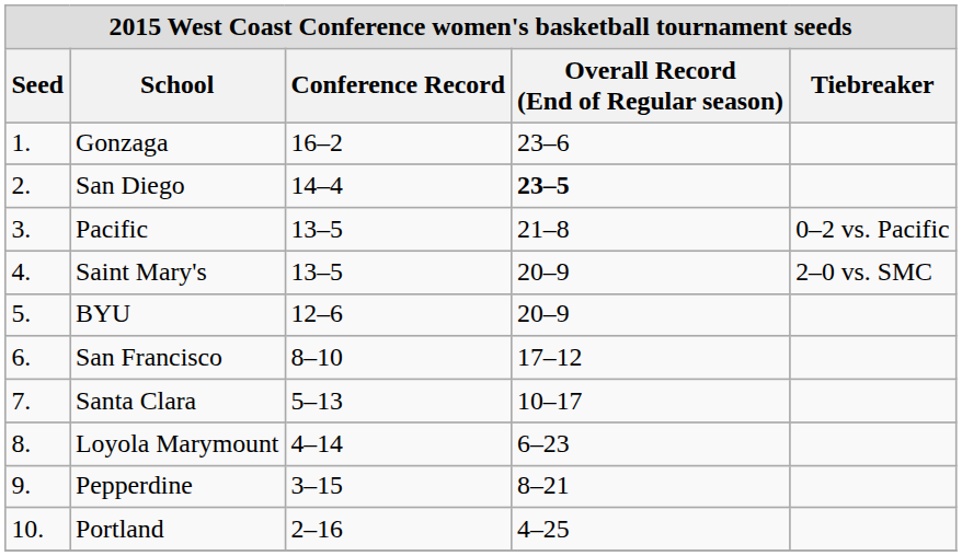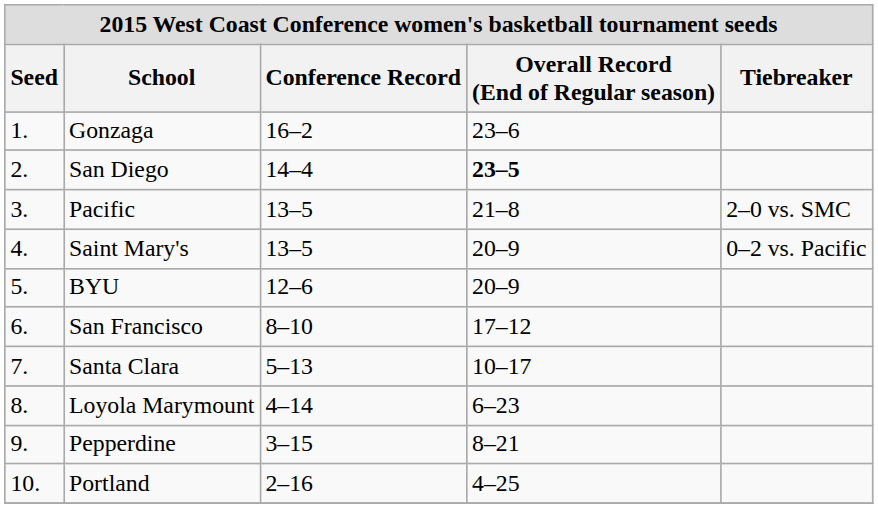 <table class="wikitable" style="white-space:nowrap; font-size:90%;">
 <tr>
 <td colspan="7" style="text-align:center; background:#DDDDDD; font:#000000"><strong>2015 West Coast Conference women's basketball tournament seeds</strong></td>
 </tr>
 <tr bgcolor="#efefef">
 <th>Seed</th>
 <th>School</th>
 <th>Conference Record</th>
 <th>Overall Record <br>(End of Regular season)</th>
 <th>Tiebreaker</th>
 </tr>
 <tr>
 <td>1.</td>
 <td>Gonzaga</td>
 <td>16–2</td>
 <td>23–6</td>
 <td></td>
 </tr>
 <tr>
 <td>2.</td>
 <td>San Diego</td>
 <td>14–4</td>
 <td><strong>23–5</strong></td>
 <td></td>
 </tr>
 <tr>
 <td>3.</td>
 <td>Pacific</td>
 <td>13–5</td>
 <td>21–8</td>
-<td>0–2 vs. Pacific</td>
+<td>2–0 vs. SMC</td>
 </tr>
 <tr>
 <td>4.</td>
 <td>Saint Mary's</td>
 <td>13–5</td>
 <td>20–9</td>
-<td>2–0 vs. SMC</td>
+<td>0–2 vs. Pacific</td>
 </tr>
 <tr>
 <td>5.</td>
 <td>BYU</td>
 <td>12–6</td>
 <td>20–9</td>
 <td></td>
 </tr>
 <tr>
 <td>6.</td>
 <td>San Francisco</td>
 <td>8–10</td>
 <td>17–12</td>
 <td></td>
 </tr>
 <tr>
 <td>7.</td>
 <td>Santa Clara</td>
 <td>5–13</td>
 <td>10–17</td>
 <td></td>
 </tr>
 <tr>
 <td>8.</td>
 <td>Loyola Marymount</td>
 <td>4–14</td>
 <td>6–23</td>
 <td></td>
 </tr>
 <tr>
 <td>9.</td>
 <td>Pepperdine</td>
 <td>3–15</td>
 <td>8–21</td>
 <td></td>
 </tr>
 <tr>
 <td>10.</td>
 <td>Portland</td>
 <td>2–16</td>
 <td>4–25</td>
 <td></td>
 </tr>
 <tr>
 </tr>
 </table>
